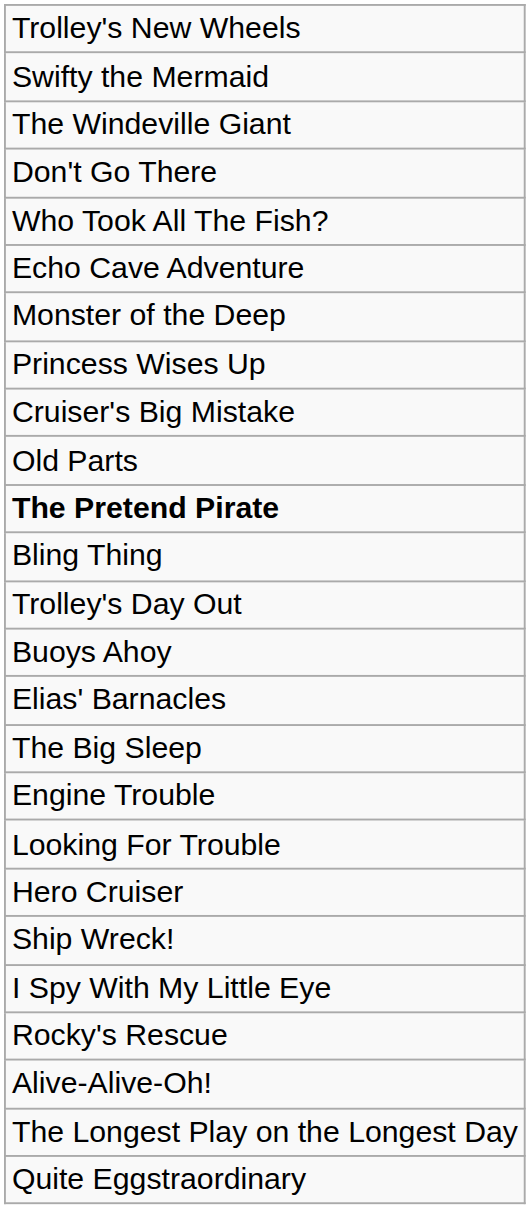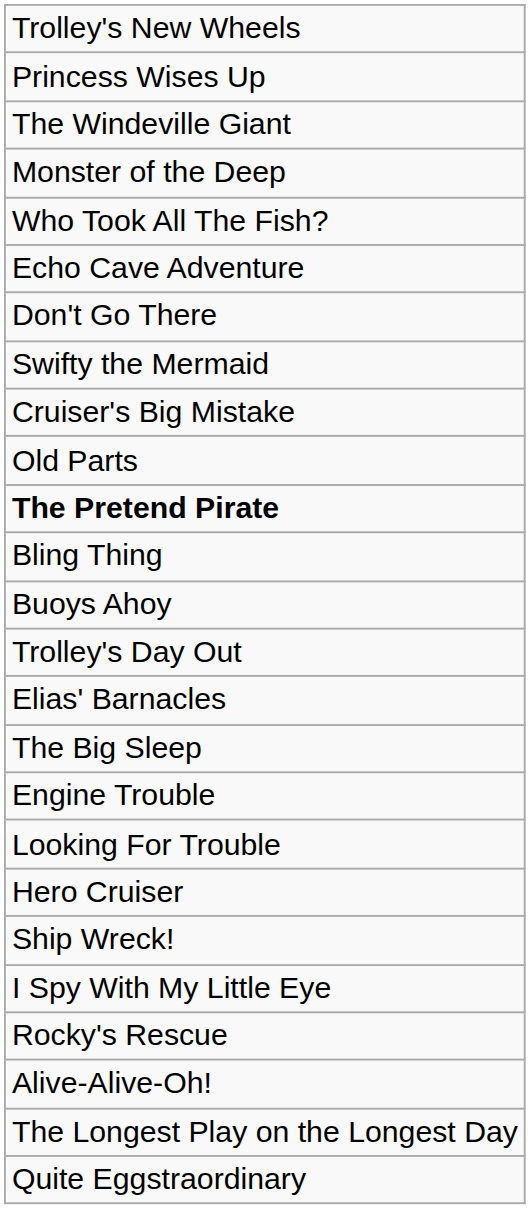 <table class="wikitable">
 <tr>
 <td>Trolley's New Wheels</td>
 </tr>
 <tr>
-<td>Swifty the Mermaid</td>
+<td>Princess Wises Up</td>
 </tr>
 <tr>
 <td>The Windeville Giant</td>
 </tr>
 <tr>
-<td>Don't Go There</td>
+<td>Monster of the Deep</td>
 </tr>
 <tr>
 <td>Who Took All The Fish?</td>
 </tr>
 <tr>
 <td>Echo Cave Adventure</td>
 </tr>
 <tr>
-<td>Monster of the Deep</td>
+<td>Don't Go There</td>
 </tr>
 <tr>
-<td>Princess Wises Up</td>
+<td>Swifty the Mermaid</td>
 </tr>
 <tr>
 <td>Cruiser's Big Mistake</td>
 </tr>
 <tr>
 <td>Old Parts</td>
 </tr>
 <tr>
 <td><strong>The Pretend Pirate</strong></td>
 </tr>
 <tr>
 <td>Bling Thing</td>
 </tr>
 <tr>
-<td>Trolley's Day Out</td>
+<td>Buoys Ahoy</td>
 </tr>
 <tr>
-<td>Buoys Ahoy</td>
+<td>Trolley's Day Out</td>
 </tr>
 <tr>
 <td>Elias' Barnacles</td>
 </tr>
 <tr>
 <td>The Big Sleep</td>
 </tr>
 <tr>
 <td>Engine Trouble</td>
 </tr>
 <tr>
 <td>Looking For Trouble</td>
 </tr>
 <tr>
 <td>Hero Cruiser</td>
 </tr>
 <tr>
 <td>Ship Wreck!</td>
 </tr>
 <tr>
 <td>I Spy With My Little Eye</td>
 </tr>
 <tr>
 <td>Rocky's Rescue</td>
 </tr>
 <tr>
 <td>Alive-Alive-Oh!</td>
 </tr>
 <tr>
 <td>The Longest Play on the Longest Day</td>
 </tr>
 <tr>
 <td>Quite Eggstraordinary</td>
 </tr>
 </table>
